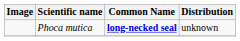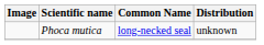 <table class="wikitable">
 <tr>
 <th>Image</th>
 <th>Scientific name</th>
 <th>Common Name</th>
 <th>Distribution</th>
 </tr>
 <tr>
 <td></td>
 <td><em>Phoca mutica</em></td>
-<td><strong><a href='#'>long-necked seal</a></strong></td>
+<td><a href='#'>long-necked seal</a></td>
 <td>unknown</td>
 </tr>
 <tr>
 </tr>
 </table>
